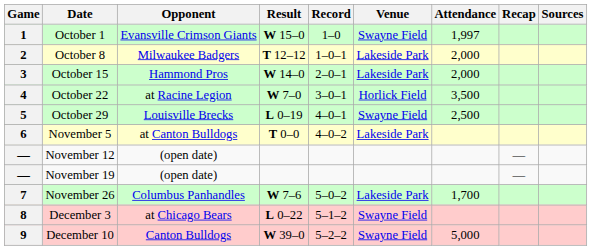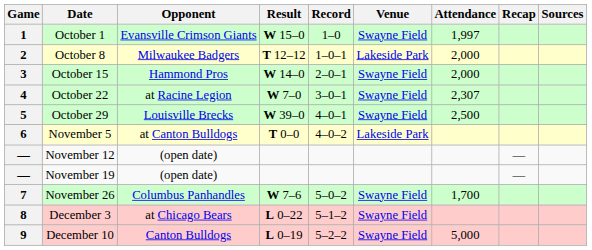 <table class="wikitable" style="text-align:center">
 <tr>
 <th>Game</th>
 <th>Date</th>
 <th>Opponent</th>
 <th>Result</th>
 <th>Record</th>
 <th>Venue</th>
 <th>Attendance</th>
 <th>Recap</th>
 <th>Sources</th>
 </tr>
 <tr style="background:#cfc">
 <th>1</th>
 <td>October 1</td>
 <td><a href='#'>Evansville Crimson Giants</a></td>
 <td><strong>W</strong> 15–0</td>
 <td>1–0</td>
 <td><a href='#'>Swayne Field</a></td>
 <td>1,997</td>
 <td></td>
 <td></td>
 </tr>
 <tr style="background:#ffc">
 <th>2</th>
 <td>October 8</td>
 <td><a href='#'>Milwaukee Badgers</a></td>
 <td><strong>T</strong> 12–12</td>
 <td>1–0–1</td>
 <td><a href='#'>Lakeside Park</a></td>
 <td>2,000</td>
 <td></td>
 <td></td>
 </tr>
 <tr style="background:#cfc">
 <th>3</th>
 <td>October 15</td>
 <td><a href='#'>Hammond Pros</a></td>
 <td><strong>W</strong> 14–0</td>
 <td>2–0–1</td>
-<td><a href='#'>Lakeside Park</a></td>
+<td><a href='#'>Swayne Field</a></td>
 <td>2,000</td>
 <td></td>
 <td></td>
 </tr>
 <tr style="background:#cfc">
 <th>4</th>
 <td>October 22</td>
 <td>at <a href='#'>Racine Legion</a></td>
 <td><strong>W</strong> 7–0</td>
 <td>3–0–1</td>
-<td><a href='#'>Horlick Field</a></td>
-<td>3,500</td>
+<td><a href='#'>Swayne Field</a></td>
+<td>2,307</td>
 <td></td>
 <td></td>
 </tr>
 <tr style="background:#cfc">
 <th>5</th>
 <td>October 29</td>
 <td><a href='#'>Louisville Brecks</a></td>
-<td><strong>L</strong> 0–19</td>
+<td><strong>W</strong> 39–0</td>
 <td>4–0–1</td>
 <td><a href='#'>Swayne Field</a></td>
 <td>2,500</td>
 <td></td>
 <td></td>
 </tr>
 <tr style="background:#ffc">
 <th>6</th>
 <td>November 5</td>
 <td>at <a href='#'>Canton Bulldogs</a></td>
 <td><strong>T</strong> 0–0</td>
 <td>4–0–2</td>
 <td><a href='#'>Lakeside Park</a></td>
 <td></td>
 <td></td>
 <td></td>
 </tr>
 <tr>
 <th>—</th>
 <td>November 12</td>
 <td>(open date)</td>
 <td></td>
 <td></td>
 <td></td>
 <td></td>
 <td>—</td>
 <td></td>
 </tr>
 <tr>
 <th>—</th>
 <td>November 19</td>
 <td>(open date)</td>
 <td></td>
 <td></td>
 <td></td>
 <td></td>
 <td>—</td>
 <td></td>
 </tr>
 <tr style="background:#cfc">
 <th>7</th>
 <td>November 26</td>
 <td><a href='#'>Columbus Panhandles</a></td>
 <td><strong>W</strong> 7–6</td>
 <td>5–0–2</td>
-<td><a href='#'>Lakeside Park</a></td>
+<td><a href='#'>Swayne Field</a></td>
 <td>1,700</td>
 <td></td>
 <td></td>
 </tr>
 <tr style="background:#fcc">
 <th>8</th>
 <td>December 3</td>
 <td>at <a href='#'>Chicago Bears</a></td>
 <td><strong>L</strong> 0–22</td>
 <td>5–1–2</td>
 <td><a href='#'>Swayne Field</a></td>
 <td></td>
 <td></td>
 <td></td>
 </tr>
 <tr style="background:#fcc">
 <th>9</th>
 <td>December 10</td>
 <td><a href='#'>Canton Bulldogs</a></td>
-<td><strong>W</strong> 39–0</td>
+<td><strong>L</strong> 0–19</td>
 <td>5–2–2</td>
 <td><a href='#'>Swayne Field</a></td>
 <td>5,000</td>
 <td></td>
 <td></td>
 </tr>
 </table>
